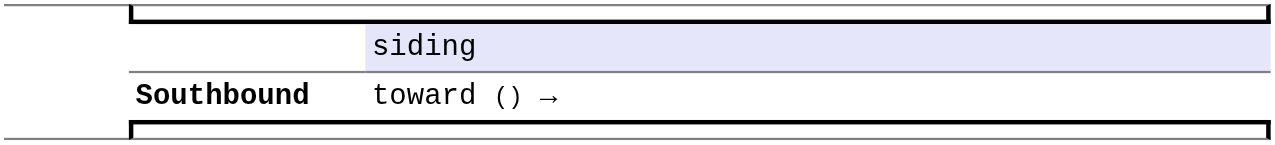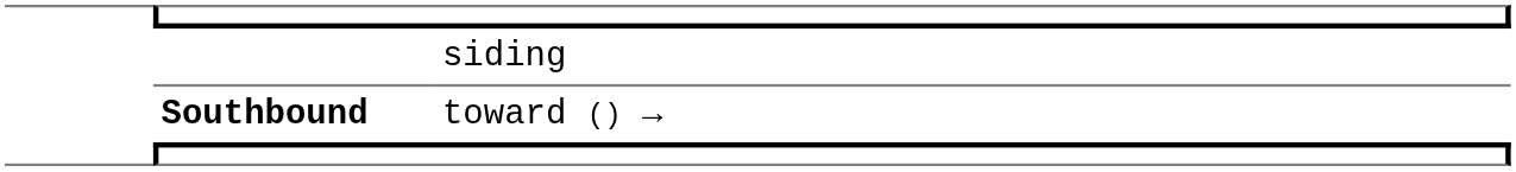 <table cellspacing=0 cellpadding=3>
 <tr>
 <td style="border-top:solid 1px gray;border-bottom:solid 1px gray;vertical-align:top;" width=50 rowspan=4></td>
 <td style="border-top:solid 1px gray;border-right:solid 2px black;border-left:solid 2px black;border-bottom:solid 2px black;text-align:center;" colspan=2></td>
 </tr>
 <tr>
 <td style="border-bottom:solid 1px gray;" width=100></td>
-<td style="background: lavender; border-bottom:solid 1px gray;" width=400> siding</td>
+<td style="border-bottom:solid 1px gray;" width=400> siding</td>
 </tr>
 <tr>
 <td><strong>Southbound</strong></td>
 <td> toward  <small>()</small> →</td>
 </tr>
 <tr>
 <td style="border-bottom:solid 1px gray;border-top:solid 2px black;border-right:solid 2px black;border-left:solid 2px black;text-align:center;" colspan=2></td>
 </tr>
 </table>
